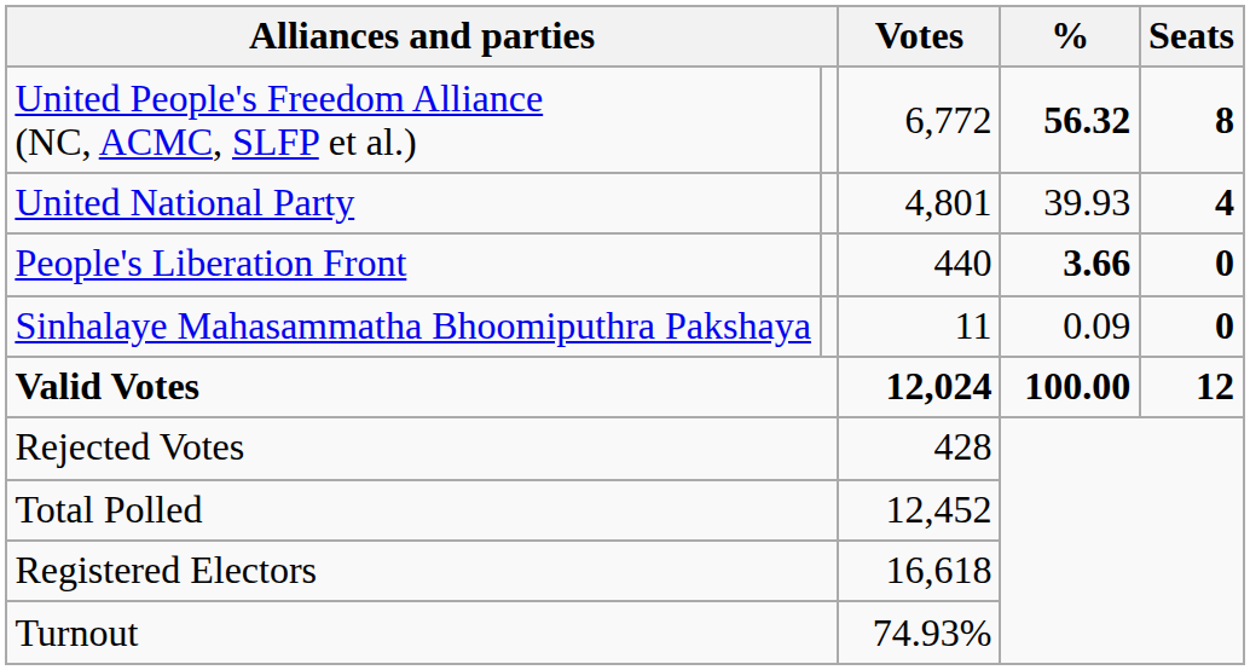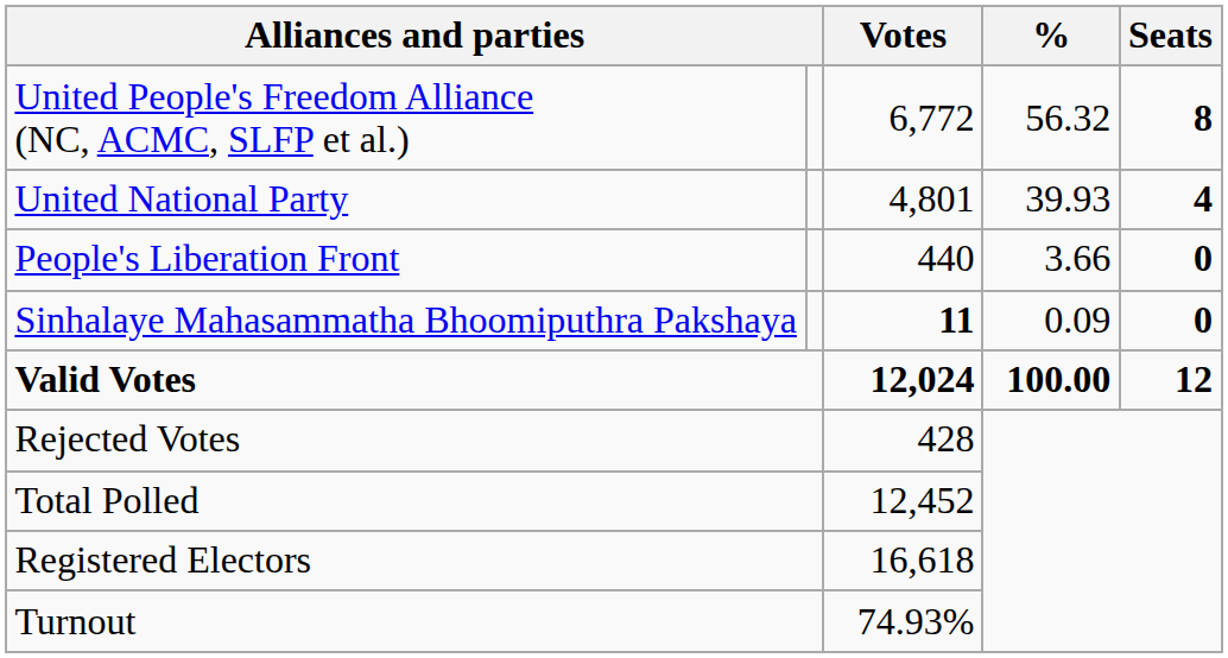 <table class="wikitable" border="1" style="text-align:right;">
 <tr>
 <th valign=bottom align=left colspan=2>Alliances and parties</th>
 <th valign=bottom align=center width="60">Votes</th>
 <th valign=bottom align=center width="50">%</th>
 <th valign=bottom align=center>Seats</th>
 </tr>
 <tr>
 <td align=left><a href='#'>United People's Freedom Alliance</a><br>(NC, <a href='#'>ACMC</a>, <a href='#'>SLFP</a> et al.)</td>
 <td bgcolor=></td>
 <td>6,772</td>
-<td><strong>56.32</strong></td>
+<td>56.32</td>
 <td><strong>8</strong></td>
 </tr>
 <tr>
 <td align=left><a href='#'>United National Party</a></td>
 <td bgcolor=></td>
 <td>4,801</td>
 <td>39.93</td>
 <td><strong>4</strong></td>
 </tr>
 <tr>
 <td align=left><a href='#'>People's Liberation Front</a></td>
 <td bgcolor=></td>
 <td>440</td>
-<td><strong>3.66</strong></td>
+<td>3.66</td>
 <td><strong>0</strong></td>
 </tr>
 <tr>
 <td align=left><a href='#'>Sinhalaye Mahasammatha Bhoomiputhra Pakshaya</a></td>
 <td bgcolor=></td>
-<td>11</td>
+<td><strong>11</strong></td>
 <td>0.09</td>
 <td><strong>0</strong></td>
 </tr>
 <tr>
 </tr>
 <tr>
 <td colspan=2 align=left><strong>Valid Votes</strong></td>
 <td><strong>12,024</strong></td>
 <td><strong>100.00</strong></td>
 <td><strong>12</strong></td>
 </tr>
 <tr>
 <td colspan=2 align=left>Rejected Votes</td>
 <td>428</td>
 <td colspan="2" rowspan="4"></td>
 </tr>
 <tr>
 <td colspan=2 align=left>Total Polled</td>
 <td>12,452</td>
 </tr>
 <tr>
 <td colspan=2 align=left>Registered Electors</td>
 <td>16,618</td>
 </tr>
 <tr>
 <td colspan=2 align=left>Turnout</td>
 <td>74.93%</td>
 </tr>
 </table>
